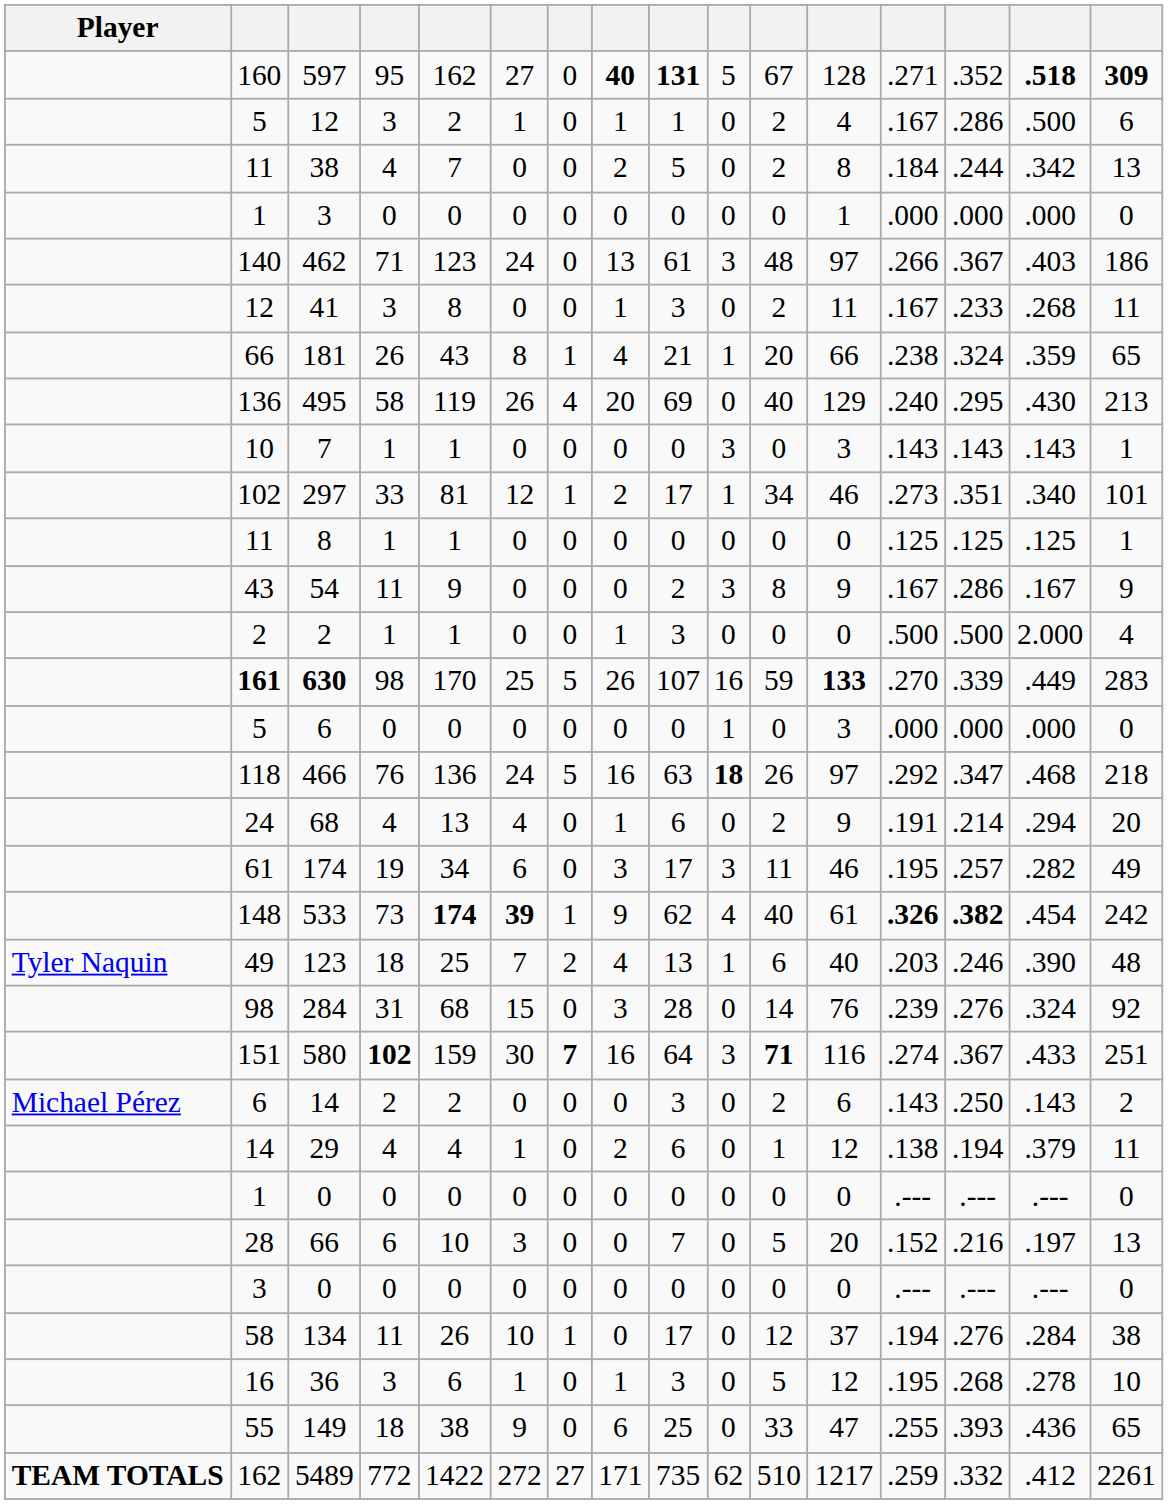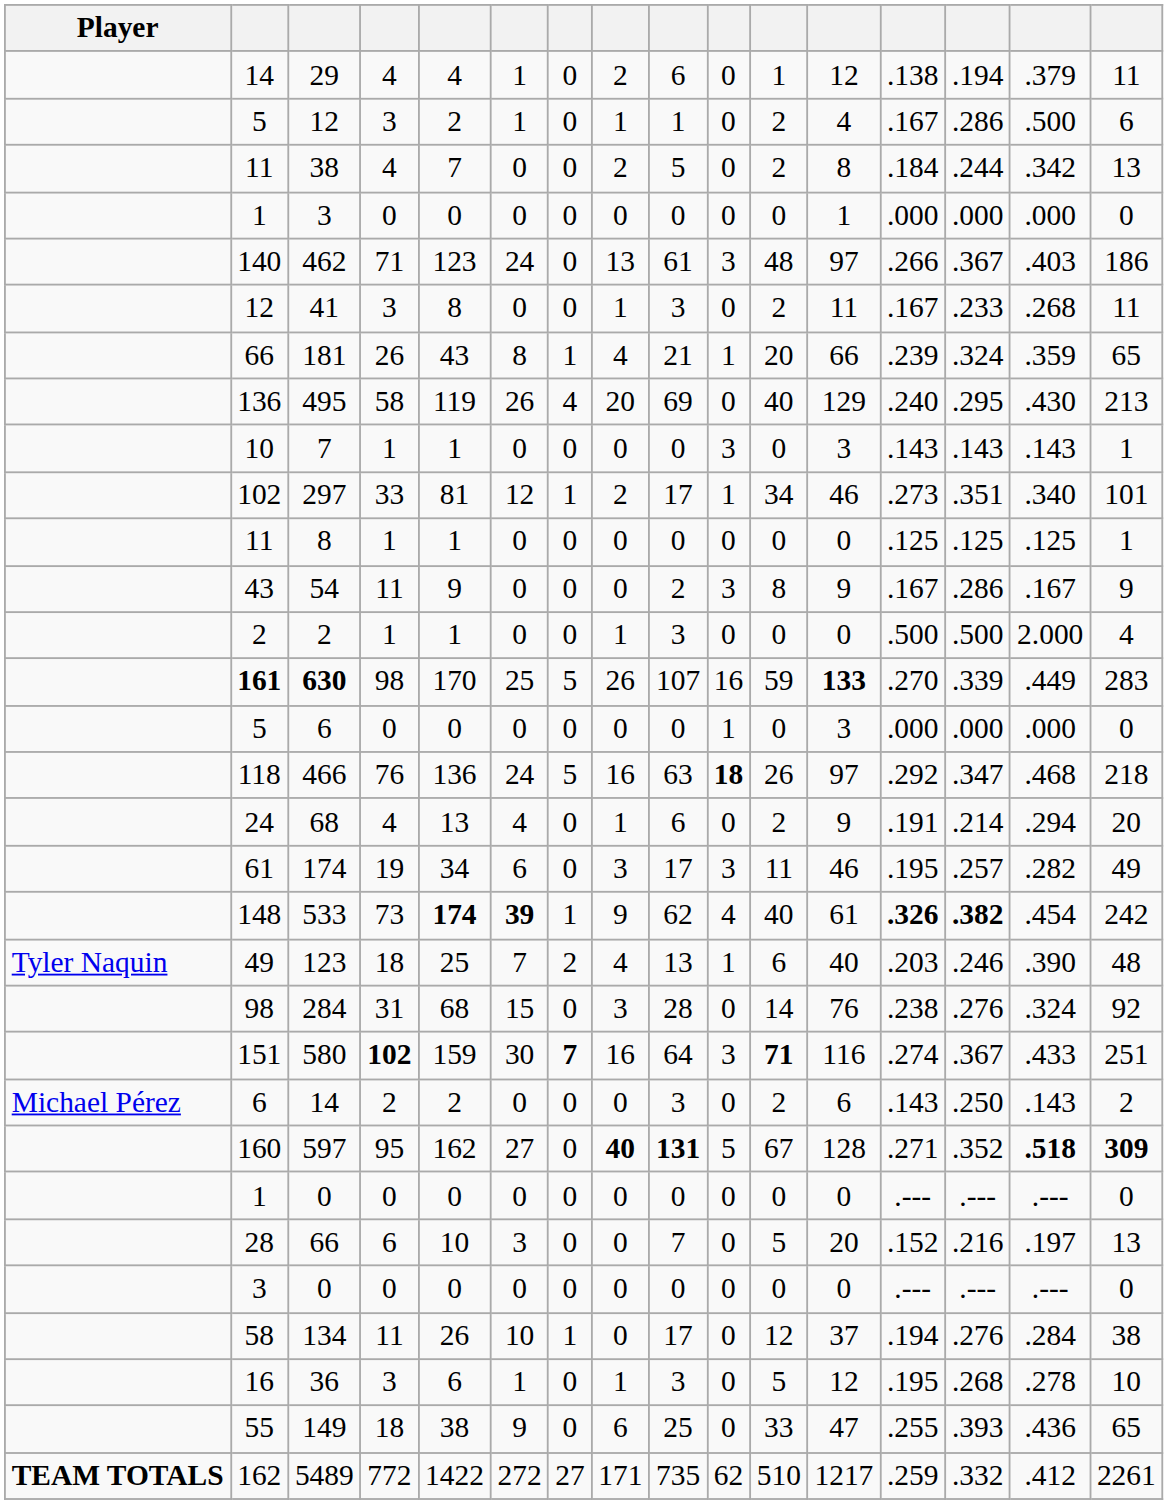 <table class="wikitable sortable" style="text-align:center;">
 <tr>
 <th>Player</th>
 <th></th>
 <th></th>
 <th></th>
 <th></th>
 <th></th>
 <th></th>
 <th></th>
 <th></th>
 <th></th>
 <th></th>
 <th></th>
 <th></th>
 <th></th>
 <th></th>
 <th></th>
 </tr>
 <tr>
 <td align=left></td>
-<td>160</td>
-<td>597</td>
-<td>95</td>
-<td>162</td>
-<td>27</td>
+<td>14</td>
+<td>29</td>
+<td>4</td>
+<td>4</td>
+<td>1</td>
 <td>0</td>
-<td><strong>40</strong></td>
-<td><strong>131</strong></td>
-<td>5</td>
-<td>67</td>
-<td>128</td>
-<td>.271</td>
-<td>.352</td>
-<td><strong>.518</strong></td>
-<td><strong>309</strong></td>
+<td>2</td>
+<td>6</td>
+<td>0</td>
+<td>1</td>
+<td>12</td>
+<td>.138</td>
+<td>.194</td>
+<td>.379</td>
+<td>11</td>
 </tr>
 <tr>
 <td align=left></td>
 <td>5</td>
 <td>12</td>
 <td>3</td>
 <td>2</td>
 <td>1</td>
 <td>0</td>
 <td>1</td>
 <td>1</td>
 <td>0</td>
 <td>2</td>
 <td>4</td>
 <td>.167</td>
 <td>.286</td>
 <td>.500</td>
 <td>6</td>
 </tr>
 <tr>
 <td align=left></td>
 <td>11</td>
 <td>38</td>
 <td>4</td>
 <td>7</td>
 <td>0</td>
 <td>0</td>
 <td>2</td>
 <td>5</td>
 <td>0</td>
 <td>2</td>
 <td>8</td>
 <td>.184</td>
 <td>.244</td>
 <td>.342</td>
 <td>13</td>
 </tr>
 <tr>
 <td align=left></td>
 <td>1</td>
 <td>3</td>
 <td>0</td>
 <td>0</td>
 <td>0</td>
 <td>0</td>
 <td>0</td>
 <td>0</td>
 <td>0</td>
 <td>0</td>
 <td>1</td>
 <td>.000</td>
 <td>.000</td>
 <td>.000</td>
 <td>0</td>
 </tr>
 <tr>
 <td align=left></td>
 <td>140</td>
 <td>462</td>
 <td>71</td>
 <td>123</td>
 <td>24</td>
 <td>0</td>
 <td>13</td>
 <td>61</td>
 <td>3</td>
 <td>48</td>
 <td>97</td>
 <td>.266</td>
 <td>.367</td>
 <td>.403</td>
 <td>186</td>
 </tr>
 <tr>
 <td align=left></td>
 <td>12</td>
 <td>41</td>
 <td>3</td>
 <td>8</td>
 <td>0</td>
 <td>0</td>
 <td>1</td>
 <td>3</td>
 <td>0</td>
 <td>2</td>
 <td>11</td>
 <td>.167</td>
 <td>.233</td>
 <td>.268</td>
 <td>11</td>
 </tr>
 <tr>
 <td align=left></td>
 <td>66</td>
 <td>181</td>
 <td>26</td>
 <td>43</td>
 <td>8</td>
 <td>1</td>
 <td>4</td>
 <td>21</td>
 <td>1</td>
 <td>20</td>
 <td>66</td>
-<td>.238</td>
+<td>.239</td>
 <td>.324</td>
 <td>.359</td>
 <td>65</td>
 </tr>
 <tr>
 <td align=left></td>
 <td>136</td>
 <td>495</td>
 <td>58</td>
 <td>119</td>
 <td>26</td>
 <td>4</td>
 <td>20</td>
 <td>69</td>
 <td>0</td>
 <td>40</td>
 <td>129</td>
 <td>.240</td>
 <td>.295</td>
 <td>.430</td>
 <td>213</td>
 </tr>
 <tr>
 <td align=left></td>
 <td>10</td>
 <td>7</td>
 <td>1</td>
 <td>1</td>
 <td>0</td>
 <td>0</td>
 <td>0</td>
 <td>0</td>
 <td>3</td>
 <td>0</td>
 <td>3</td>
 <td>.143</td>
 <td>.143</td>
 <td>.143</td>
 <td>1</td>
 </tr>
 <tr>
 <td align=left></td>
 <td>102</td>
 <td>297</td>
 <td>33</td>
 <td>81</td>
 <td>12</td>
 <td>1</td>
 <td>2</td>
 <td>17</td>
 <td>1</td>
 <td>34</td>
 <td>46</td>
 <td>.273</td>
 <td>.351</td>
 <td>.340</td>
 <td>101</td>
 </tr>
 <tr>
 <td align=left></td>
 <td>11</td>
 <td>8</td>
 <td>1</td>
 <td>1</td>
 <td>0</td>
 <td>0</td>
 <td>0</td>
 <td>0</td>
 <td>0</td>
 <td>0</td>
 <td>0</td>
 <td>.125</td>
 <td>.125</td>
 <td>.125</td>
 <td>1</td>
 </tr>
 <tr>
 <td align=left></td>
 <td>43</td>
 <td>54</td>
 <td>11</td>
 <td>9</td>
 <td>0</td>
 <td>0</td>
 <td>0</td>
 <td>2</td>
 <td>3</td>
 <td>8</td>
 <td>9</td>
 <td>.167</td>
 <td>.286</td>
 <td>.167</td>
 <td>9</td>
 </tr>
 <tr>
 <td align=left></td>
 <td>2</td>
 <td>2</td>
 <td>1</td>
 <td>1</td>
 <td>0</td>
 <td>0</td>
 <td>1</td>
 <td>3</td>
 <td>0</td>
 <td>0</td>
 <td>0</td>
 <td>.500</td>
 <td>.500</td>
 <td>2.000</td>
 <td>4</td>
 </tr>
 <tr>
 <td align=left></td>
 <td><strong>161</strong></td>
 <td><strong>630</strong></td>
 <td>98</td>
 <td>170</td>
 <td>25</td>
 <td>5</td>
 <td>26</td>
 <td>107</td>
 <td>16</td>
 <td>59</td>
 <td><strong>133</strong></td>
 <td>.270</td>
 <td>.339</td>
 <td>.449</td>
 <td>283</td>
 </tr>
 <tr>
 <td align=left></td>
 <td>5</td>
 <td>6</td>
 <td>0</td>
 <td>0</td>
 <td>0</td>
 <td>0</td>
 <td>0</td>
 <td>0</td>
 <td>1</td>
 <td>0</td>
 <td>3</td>
 <td>.000</td>
 <td>.000</td>
 <td>.000</td>
 <td>0</td>
 </tr>
 <tr>
 <td align=left></td>
 <td>118</td>
 <td>466</td>
 <td>76</td>
 <td>136</td>
 <td>24</td>
 <td>5</td>
 <td>16</td>
 <td>63</td>
 <td><strong>18</strong></td>
 <td>26</td>
 <td>97</td>
 <td>.292</td>
 <td>.347</td>
 <td>.468</td>
 <td>218</td>
 </tr>
 <tr>
 <td align=left></td>
 <td>24</td>
 <td>68</td>
 <td>4</td>
 <td>13</td>
 <td>4</td>
 <td>0</td>
 <td>1</td>
 <td>6</td>
 <td>0</td>
 <td>2</td>
 <td>9</td>
 <td>.191</td>
 <td>.214</td>
 <td>.294</td>
 <td>20</td>
 </tr>
 <tr>
 <td align=left></td>
 <td>61</td>
 <td>174</td>
 <td>19</td>
 <td>34</td>
 <td>6</td>
 <td>0</td>
 <td>3</td>
 <td>17</td>
 <td>3</td>
 <td>11</td>
 <td>46</td>
 <td>.195</td>
 <td>.257</td>
 <td>.282</td>
 <td>49</td>
 </tr>
 <tr>
 <td align=left></td>
 <td>148</td>
 <td>533</td>
 <td>73</td>
 <td><strong>174</strong></td>
 <td><strong>39</strong></td>
 <td>1</td>
 <td>9</td>
 <td>62</td>
 <td>4</td>
 <td>40</td>
 <td>61</td>
 <td><strong>.326</strong></td>
 <td><strong>.382</strong></td>
 <td>.454</td>
 <td>242</td>
 </tr>
 <tr>
 <td align=left><a href='#'>Tyler Naquin</a></td>
 <td>49</td>
 <td>123</td>
 <td>18</td>
 <td>25</td>
 <td>7</td>
 <td>2</td>
 <td>4</td>
 <td>13</td>
 <td>1</td>
 <td>6</td>
 <td>40</td>
 <td>.203</td>
 <td>.246</td>
 <td>.390</td>
 <td>48</td>
 </tr>
 <tr>
 <td align=left></td>
 <td>98</td>
 <td>284</td>
 <td>31</td>
 <td>68</td>
 <td>15</td>
 <td>0</td>
 <td>3</td>
 <td>28</td>
 <td>0</td>
 <td>14</td>
 <td>76</td>
-<td>.239</td>
+<td>.238</td>
 <td>.276</td>
 <td>.324</td>
 <td>92</td>
 </tr>
 <tr>
 <td align=left></td>
 <td>151</td>
 <td>580</td>
 <td><strong>102</strong></td>
 <td>159</td>
 <td>30</td>
 <td><strong>7</strong></td>
 <td>16</td>
 <td>64</td>
 <td>3</td>
 <td><strong>71</strong></td>
 <td>116</td>
 <td>.274</td>
 <td>.367</td>
 <td>.433</td>
 <td>251</td>
 </tr>
 <tr>
 <td align=left><a href='#'>Michael Pérez</a></td>
 <td>6</td>
 <td>14</td>
 <td>2</td>
 <td>2</td>
 <td>0</td>
 <td>0</td>
 <td>0</td>
 <td>3</td>
 <td>0</td>
 <td>2</td>
 <td>6</td>
 <td>.143</td>
 <td>.250</td>
 <td>.143</td>
 <td>2</td>
 </tr>
 <tr>
 <td align=left></td>
-<td>14</td>
-<td>29</td>
-<td>4</td>
-<td>4</td>
-<td>1</td>
+<td>160</td>
+<td>597</td>
+<td>95</td>
+<td>162</td>
+<td>27</td>
 <td>0</td>
-<td>2</td>
-<td>6</td>
-<td>0</td>
-<td>1</td>
-<td>12</td>
-<td>.138</td>
-<td>.194</td>
-<td>.379</td>
-<td>11</td>
+<td><strong>40</strong></td>
+<td><strong>131</strong></td>
+<td>5</td>
+<td>67</td>
+<td>128</td>
+<td>.271</td>
+<td>.352</td>
+<td><strong>.518</strong></td>
+<td><strong>309</strong></td>
 </tr>
 <tr>
 <td align=left></td>
 <td>1</td>
 <td>0</td>
 <td>0</td>
 <td>0</td>
 <td>0</td>
 <td>0</td>
 <td>0</td>
 <td>0</td>
 <td>0</td>
 <td>0</td>
 <td>0</td>
 <td>.---</td>
 <td>.---</td>
 <td>.---</td>
 <td>0</td>
 </tr>
 <tr>
 <td align=left></td>
 <td>28</td>
 <td>66</td>
 <td>6</td>
 <td>10</td>
 <td>3</td>
 <td>0</td>
 <td>0</td>
 <td>7</td>
 <td>0</td>
 <td>5</td>
 <td>20</td>
 <td>.152</td>
 <td>.216</td>
 <td>.197</td>
 <td>13</td>
 </tr>
 <tr>
 <td align=left></td>
 <td>3</td>
 <td>0</td>
 <td>0</td>
 <td>0</td>
 <td>0</td>
 <td>0</td>
 <td>0</td>
 <td>0</td>
 <td>0</td>
 <td>0</td>
 <td>0</td>
 <td>.---</td>
 <td>.---</td>
 <td>.---</td>
 <td>0</td>
 </tr>
 <tr>
 <td align=left></td>
 <td>58</td>
 <td>134</td>
 <td>11</td>
 <td>26</td>
 <td>10</td>
 <td>1</td>
 <td>0</td>
 <td>17</td>
 <td>0</td>
 <td>12</td>
 <td>37</td>
 <td>.194</td>
 <td>.276</td>
 <td>.284</td>
 <td>38</td>
 </tr>
 <tr>
 <td align=left></td>
 <td>16</td>
 <td>36</td>
 <td>3</td>
 <td>6</td>
 <td>1</td>
 <td>0</td>
 <td>1</td>
 <td>3</td>
 <td>0</td>
 <td>5</td>
 <td>12</td>
 <td>.195</td>
 <td>.268</td>
 <td>.278</td>
 <td>10</td>
 </tr>
 <tr>
 <td align=left></td>
 <td>55</td>
 <td>149</td>
 <td>18</td>
 <td>38</td>
 <td>9</td>
 <td>0</td>
 <td>6</td>
 <td>25</td>
 <td>0</td>
 <td>33</td>
 <td>47</td>
 <td>.255</td>
 <td>.393</td>
 <td>.436</td>
 <td>65</td>
 </tr>
 <tr class="sortbottom">
 <td align="left"><strong>TEAM TOTALS</strong></td>
 <td>162</td>
 <td>5489</td>
 <td>772</td>
 <td>1422</td>
 <td>272</td>
 <td>27</td>
 <td>171</td>
 <td>735</td>
 <td>62</td>
 <td>510</td>
 <td>1217</td>
 <td>.259</td>
 <td>.332</td>
 <td>.412</td>
 <td>2261</td>
 </tr>
 </table>
